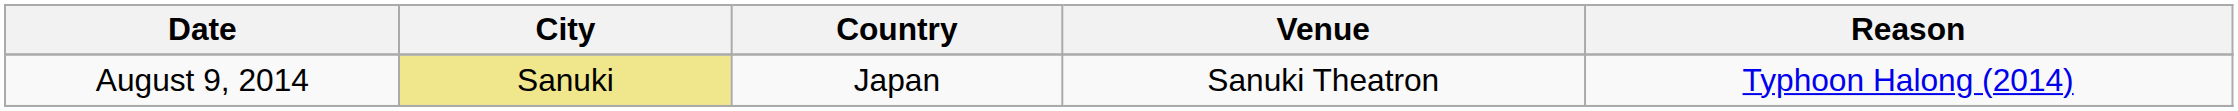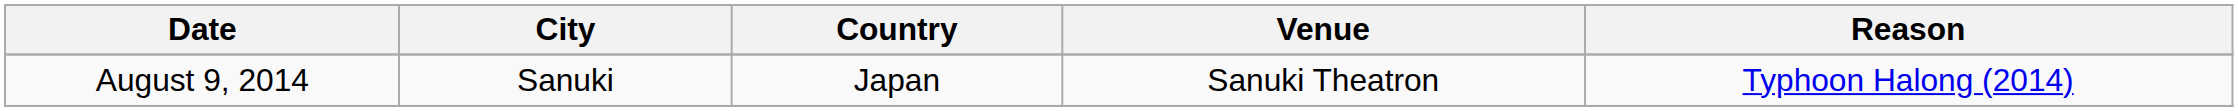 <table class="wikitable" style="text-align:center;">
 <tr>
 <th scope="col" style="width:12em;">Date</th>
 <th scope="col" style="width:10em;">City</th>
 <th scope="col" style="width:10em;">Country</th>
 <th scope="col" style="width:16em;">Venue</th>
 <th scope="col" style="width:20em;">Reason</th>
 </tr>
 <tr>
 </tr>
 <tr>
 <td>August 9, 2014</td>
-<td style="background: khaki;">Sanuki</td>
+<td>Sanuki</td>
 <td>Japan</td>
 <td>Sanuki Theatron</td>
 <td><a href='#'>Typhoon Halong (2014)</a></td>
 </tr>
 <tr>
 </tr>
 </table>
